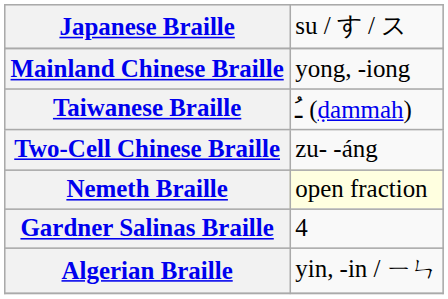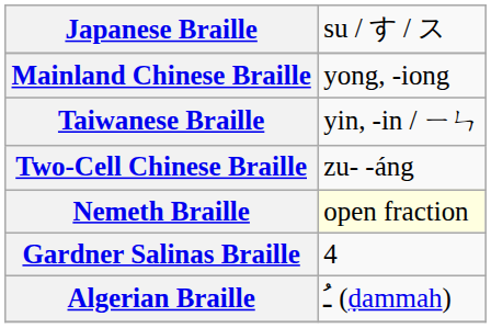 <table class="wikitable">
 <tr>
 <th align=left><a href='#'>Japanese Braille</a></th>
 <td>su / す / ス </td>
 </tr>
 <tr>
 </tr>
 <tr>
 <th align=left><a href='#'>Mainland Chinese Braille</a></th>
 <td>yong, -iong </td>
 </tr>
 <tr>
 <th align=left><a href='#'>Taiwanese Braille</a></th>
-<td>ـُ ‎(<a href='#'>ḍammah</a>)</td>
+<td>yin, -in / ㄧㄣ</td>
 </tr>
 <tr>
 <th align=left><a href='#'>Two-Cell Chinese Braille</a></th>
 <td>zu- -áng</td>
 </tr>
 <tr>
 <th align=left><a href='#'>Nemeth Braille</a></th>
 <td style="background: lightyellow;">open fraction </td>
 </tr>
 <tr>
 <th align=left><a href='#'>Gardner Salinas Braille</a></th>
 <td>4 </td>
 </tr>
 <tr>
 <th align=left><a href='#'>Algerian Braille</a></th>
-<td>yin, -in / ㄧㄣ</td>
+<td>ـُ ‎(<a href='#'>ḍammah</a>)</td>
 </tr>
 <tr>
 </tr>
 </table>
